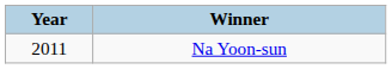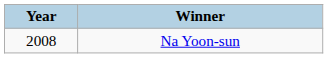 <table class="wikitable" style="text-align: center">
 <tr>
 <th width="70" style="background:#b3d1e3;">Year</th>
 <th width="250" style="background:#b3d1e3;">Winner</th>
 </tr>
 <tr>
-<td>2011</td>
+<td>2008</td>
 <td><a href='#'>Na Yoon-sun</a></td>
 </tr>
 </table>
